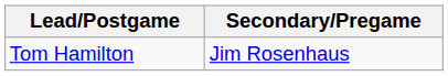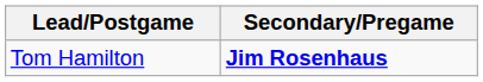 <table class="wikitable" style="float:left;text-align:left;">
 <tr>
 <th style="width:150px">Lead/Postgame</th>
 <th style="width:180px">Secondary/Pregame</th>
 </tr>
 <tr>
 <td><a href='#'>Tom Hamilton</a></td>
-<td><a href='#'>Jim Rosenhaus</a></td>
+<td><strong><a href='#'>Jim Rosenhaus</a></strong></td>
 </tr>
 </table>
